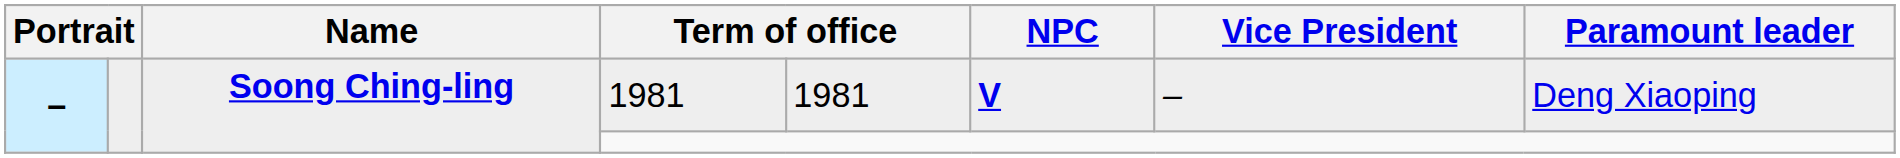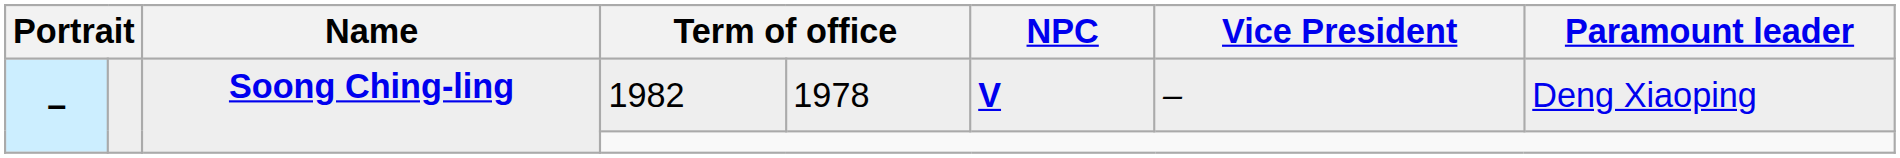 <table class="wikitable" width=100%>
 <tr>
 <th colspan="2" width=5%>Portrait</th>
 <th width=25%>Name<br></th>
 <th colspan="2" width=30%>Term of office</th>
 <th width=10%><a href='#'>NPC</a></th>
 <th width=20%><a href='#'>Vice President</a></th>
 <th width=20%><a href='#'>Paramount leader</a></th>
 </tr>
 <tr bgcolor=#EEEEEE>
 <th rowspan="2" style="background-color: #CCEEFF" width=20>–</th>
 <td rowspan="2"></td>
 <td rowspan="2" align="center"><strong><a href='#'>Soong Ching-ling</a></strong><br><br></td>
-<td width=10%> 1981</td>
-<td width=10%> 1981</td>
+<td width=10%> 1982</td>
+<td width=10%> 1978</td>
 <td><strong><a href='#'>V</a></strong></td>
 <td><em>–</em></td>
 <td><a href='#'>Deng Xiaoping</a></td>
 </tr>
 <tr>
 <td colspan="5"></td>
 </tr>
 </table>
